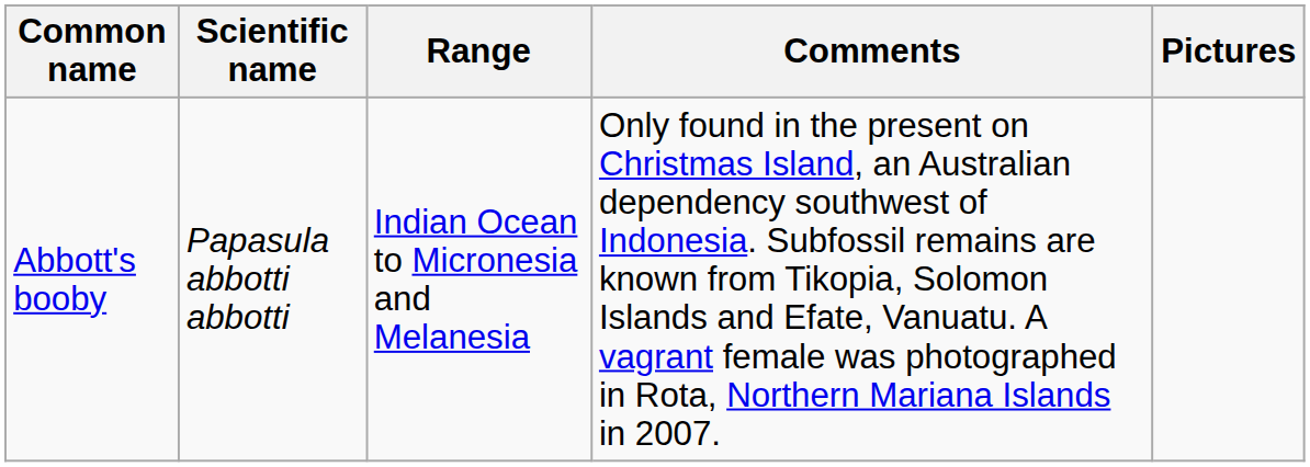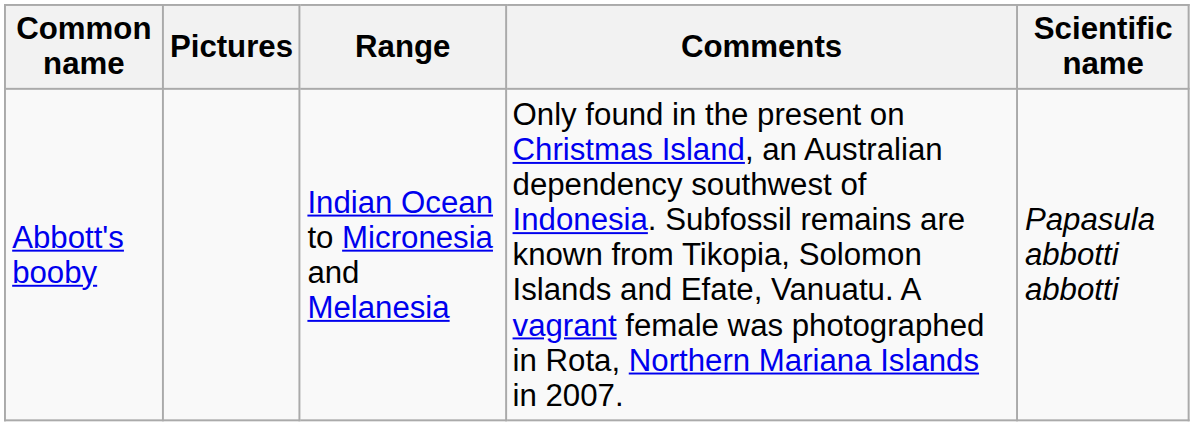 <table class="wikitable">
 <tr>
 <th>Common name</th>
-<th>Scientific name</th>
+<th class="unsortable">Pictures</th>
 <th>Range</th>
 <th class="unsortable">Comments</th>
-<th class="unsortable">Pictures</th>
+<th>Scientific name</th>
 </tr>
 <tr>
 <td><a href='#'>Abbott's booby</a></td>
-<td><em>Papasula abbotti abbotti</em></td>
+<td></td>
 <td><a href='#'>Indian Ocean</a> to <a href='#'>Micronesia</a> and <a href='#'>Melanesia</a></td>
 <td>Only found in the present on <a href='#'>Christmas Island</a>, an Australian dependency southwest of <a href='#'>Indonesia</a>. Subfossil remains are known from Tikopia, Solomon Islands and Efate, Vanuatu. A <a href='#'>vagrant</a> female was photographed in Rota, <a href='#'>Northern Mariana Islands</a> in 2007.</td>
-<td></td>
+<td><em>Papasula abbotti abbotti</em></td>
 </tr>
 </table>
